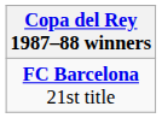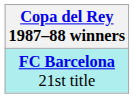 <table class="wikitable" style="text-align: center; margin: 0 auto;">
 <tr>
 <th><a href='#'>Copa del Rey</a><br>1987–88 winners</th>
 </tr>
 <tr>
-<td><strong><a href='#'>FC Barcelona</a></strong><br>21st title</td>
+<td style="background: paleturquoise;"><strong><a href='#'>FC Barcelona</a></strong><br>21st title</td>
 </tr>
 </table>
